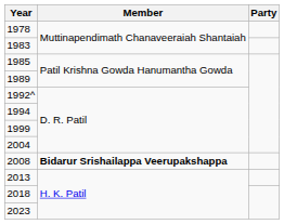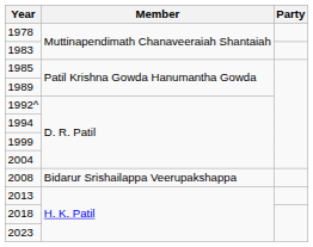 <table class="wikitable sortable">
 <tr>
 <th>Year</th>
 <th>Member</th>
 <th colspan="2">Party</th>
 </tr>
 <tr>
 <td>1978</td>
 <td rowspan=2>Muttinapendimath Chanaveeraiah Shantaiah</td>
 <td></td>
 </tr>
 <tr>
 <td>1983</td>
 <td></td>
 </tr>
 <tr>
 <td>1985</td>
 <td rowspan=2>Patil Krishna Gowda Hanumantha Gowda</td>
 </tr>
 <tr>
 <td>1989</td>
 </tr>
 <tr>
 <td>1992^</td>
 <td rowspan=4>D. R. Patil</td>
 </tr>
 <tr>
 <td>1994</td>
 </tr>
 <tr>
 <td>1999</td>
 </tr>
 <tr>
 <td>2004</td>
 </tr>
 <tr>
 <td>2008</td>
-<td><strong>Bidarur Srishailappa Veerupakshappa</strong></td>
+<td>Bidarur Srishailappa Veerupakshappa</td>
 <td></td>
 </tr>
 <tr>
 <td>2013</td>
 <td rowspan="3"><a href='#'>H. K. Patil</a></td>
 <td></td>
 </tr>
 <tr>
 <td>2018</td>
 </tr>
 <tr>
 <td>2023</td>
 </tr>
 </table>
